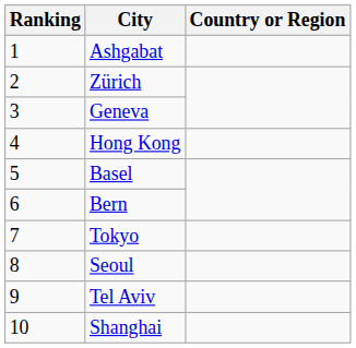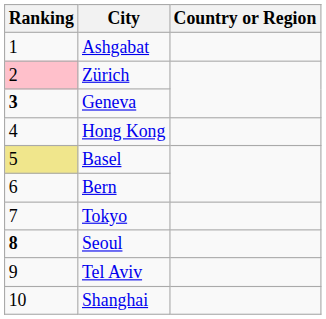 <table class="wikitable sortable">
 <tr>
 <th scope="col">Ranking</th>
 <th scope="col">City</th>
 <th scope="col">Country or Region</th>
 </tr>
 <tr>
 <td>1</td>
 <td><a href='#'>Ashgabat</a></td>
 <td></td>
 </tr>
 <tr>
-<td>2</td>
+<td style="background: pink;">2</td>
 <td><a href='#'>Zürich</a></td>
 <td rowspan="2"></td>
 </tr>
 <tr>
-<td>3</td>
+<td><strong>3</strong></td>
 <td><a href='#'>Geneva</a></td>
 </tr>
 <tr>
 <td>4</td>
 <td><a href='#'>Hong Kong</a></td>
 <td></td>
 </tr>
 <tr>
-<td>5</td>
+<td style="background: khaki;">5</td>
 <td><a href='#'>Basel</a></td>
 <td rowspan="2"></td>
 </tr>
 <tr>
 <td>6</td>
 <td><a href='#'>Bern</a></td>
 </tr>
 <tr>
 <td>7</td>
 <td><a href='#'>Tokyo</a></td>
 <td></td>
 </tr>
 <tr>
-<td>8</td>
+<td><strong>8</strong></td>
 <td><a href='#'>Seoul</a></td>
 <td></td>
 </tr>
 <tr>
 <td>9</td>
 <td><a href='#'>Tel Aviv</a></td>
 <td></td>
 </tr>
 <tr>
 <td>10</td>
 <td><a href='#'>Shanghai</a></td>
 <td></td>
 </tr>
 </table>
